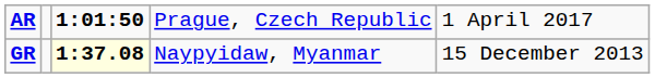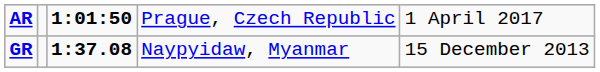 <table class="wikitable" style="font-size:95%; position:relative;">
 <tr>
 <td align=center><strong><a href='#'>AR</a></strong></td>
 <td></td>
 <td><strong>1:01:50</strong></td>
 <td><a href='#'>Prague</a>, <a href='#'>Czech Republic</a></td>
 <td>1 April 2017</td>
 </tr>
 <tr>
 <td align=center><strong><a href='#'>GR</a></strong></td>
 <td></td>
-<td style="background: lightyellow;"><strong>	1:37.08</strong></td>
+<td><strong>	1:37.08</strong></td>
 <td><a href='#'>Naypyidaw</a>, <a href='#'>Myanmar</a></td>
 <td>15 December 2013</td>
 </tr>
 </table>
